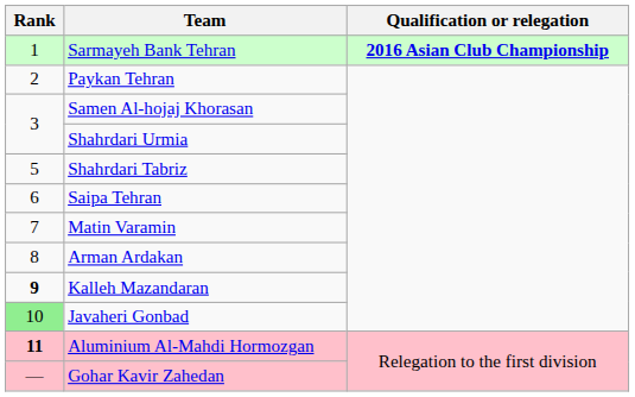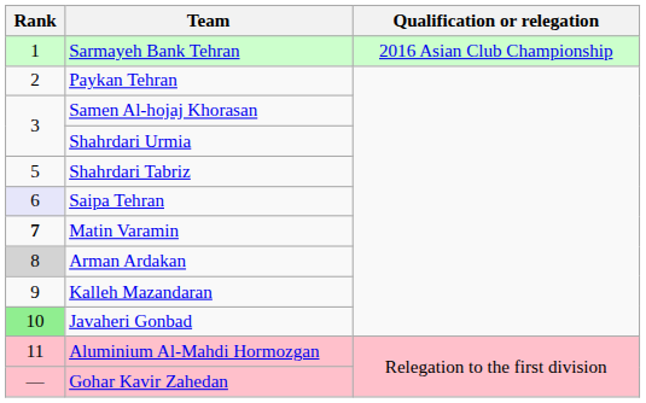 <table class="wikitable" style="text-align:center; font-size:90%">
 <tr>
 <th width=40>Rank</th>
 <th width=220>Team</th>
 <th width=220>Qualification or relegation</th>
 </tr>
 <tr bgcolor=#ccffcc>
 <td>1</td>
 <td style="text-align:left;"><a href='#'>Sarmayeh Bank Tehran</a></td>
-<td><strong><a href='#'>2016 Asian Club Championship</a></strong></td>
+<td><a href='#'>2016 Asian Club Championship</a></td>
 </tr>
 <tr>
 <td>2</td>
 <td style="text-align:left;"><a href='#'>Paykan Tehran</a></td>
 <td rowspan=9></td>
 </tr>
 <tr>
 <td rowspan=2>3</td>
 <td style="text-align:left;"><a href='#'>Samen Al-hojaj Khorasan</a></td>
 </tr>
 <tr>
 <td style="text-align:left;"><a href='#'>Shahrdari Urmia</a></td>
 </tr>
 <tr>
 <td>5</td>
 <td style="text-align:left;"><a href='#'>Shahrdari Tabriz</a></td>
 </tr>
 <tr>
-<td>6</td>
+<td style="background: lavender;">6</td>
 <td style="text-align:left;"><a href='#'>Saipa Tehran</a></td>
 </tr>
 <tr>
-<td>7</td>
+<td><strong>7</strong></td>
 <td style="text-align:left;"><a href='#'>Matin Varamin</a></td>
 </tr>
 <tr>
-<td>8</td>
+<td style="background: lightgrey;">8</td>
 <td style="text-align:left;"><a href='#'>Arman Ardakan</a></td>
 </tr>
 <tr>
-<td><strong>9</strong></td>
+<td>9</td>
 <td style="text-align:left;"><a href='#'>Kalleh Mazandaran</a></td>
 </tr>
 <tr>
 <td style="background: lightgreen;">10</td>
 <td style="text-align:left;"><a href='#'>Javaheri Gonbad</a></td>
 </tr>
 <tr bgcolor=pink>
-<td><strong>11</strong></td>
+<td>11</td>
 <td style="text-align:left;"><a href='#'>Aluminium Al-Mahdi Hormozgan</a></td>
 <td rowspan=2>Relegation to the first division</td>
 </tr>
 <tr bgcolor=pink>
 <td>—</td>
 <td style="text-align:left;"><a href='#'>Gohar Kavir Zahedan</a></td>
 </tr>
 </table>
